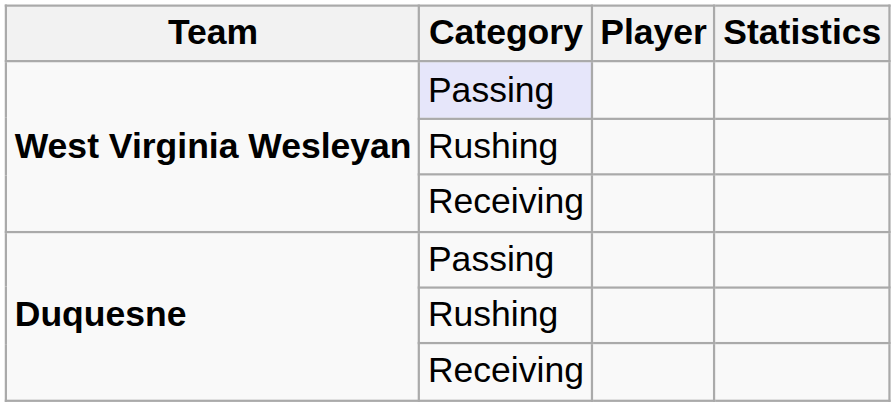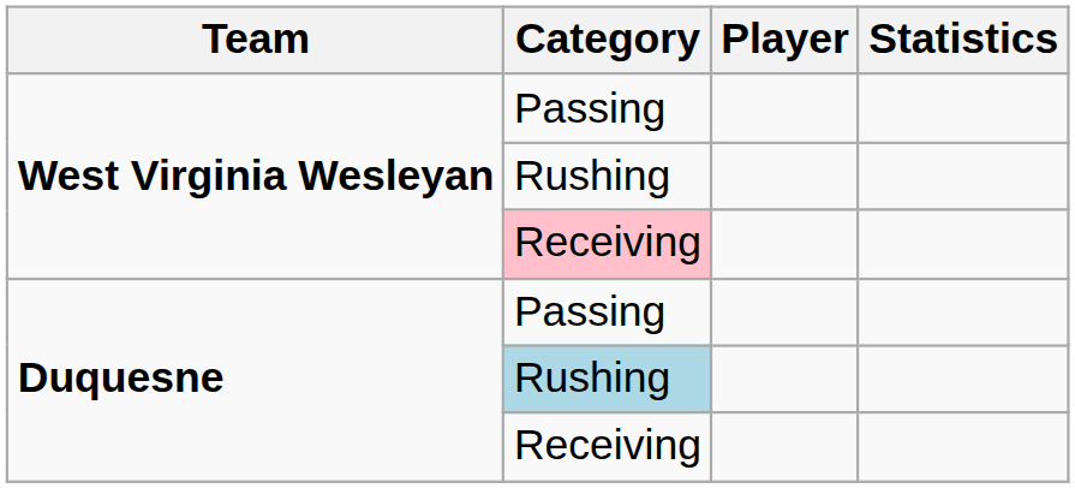 <table class="wikitable" style="float: right;">
 <tr>
 <th>Team</th>
 <th>Category</th>
 <th>Player</th>
 <th>Statistics</th>
 </tr>
 <tr>
 <td rowspan=3><strong>West Virginia Wesleyan</strong></td>
-<td style="background: lavender;">Passing</td>
+<td>Passing</td>
 <td></td>
 <td></td>
 </tr>
 <tr>
 <td>Rushing</td>
 <td></td>
 <td></td>
 </tr>
 <tr>
-<td>Receiving</td>
+<td style="background: pink;">Receiving</td>
 <td></td>
 <td></td>
 </tr>
 <tr>
 <td rowspan=3><strong>Duquesne</strong></td>
 <td>Passing</td>
 <td></td>
 <td></td>
 </tr>
 <tr>
-<td>Rushing</td>
+<td style="background: lightblue;">Rushing</td>
 <td></td>
 <td></td>
 </tr>
 <tr>
 <td>Receiving</td>
 <td></td>
 <td></td>
 </tr>
 </table>
